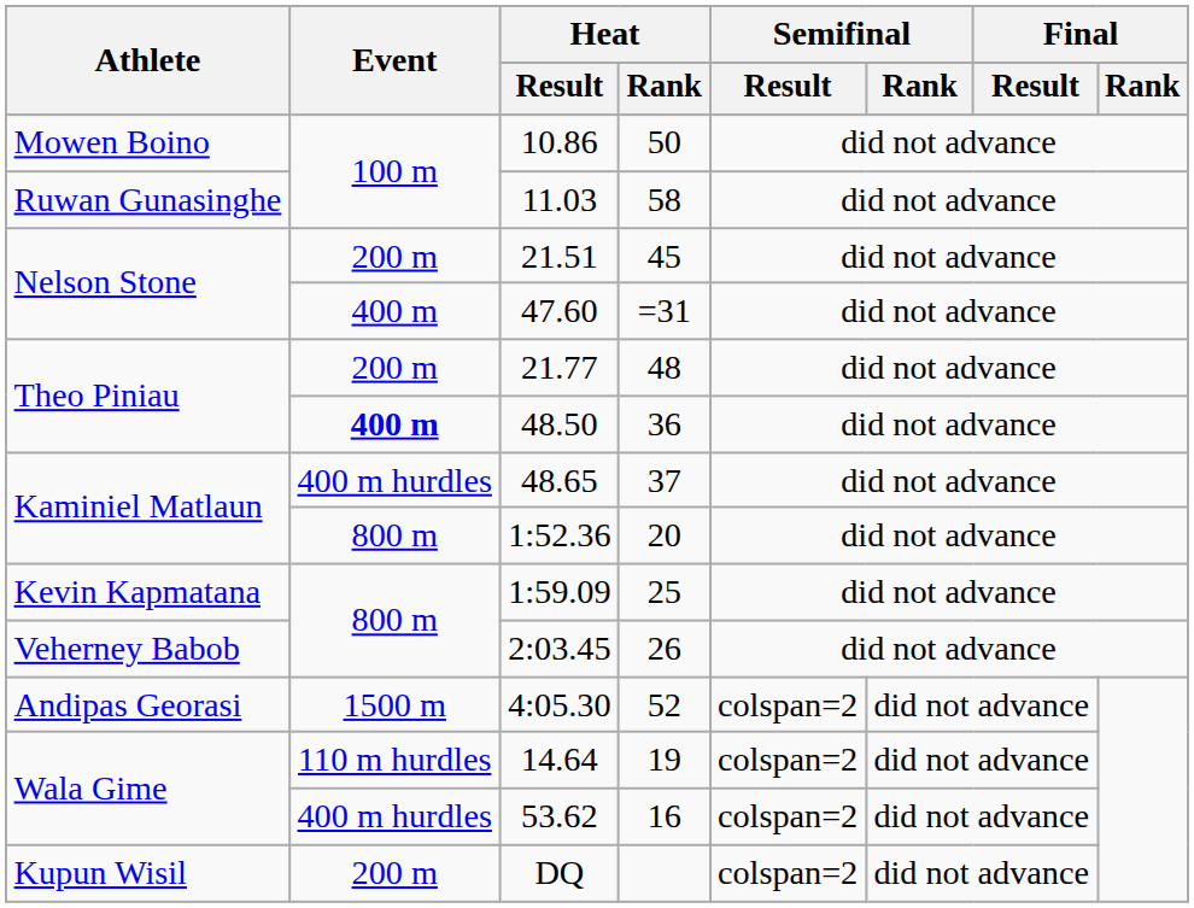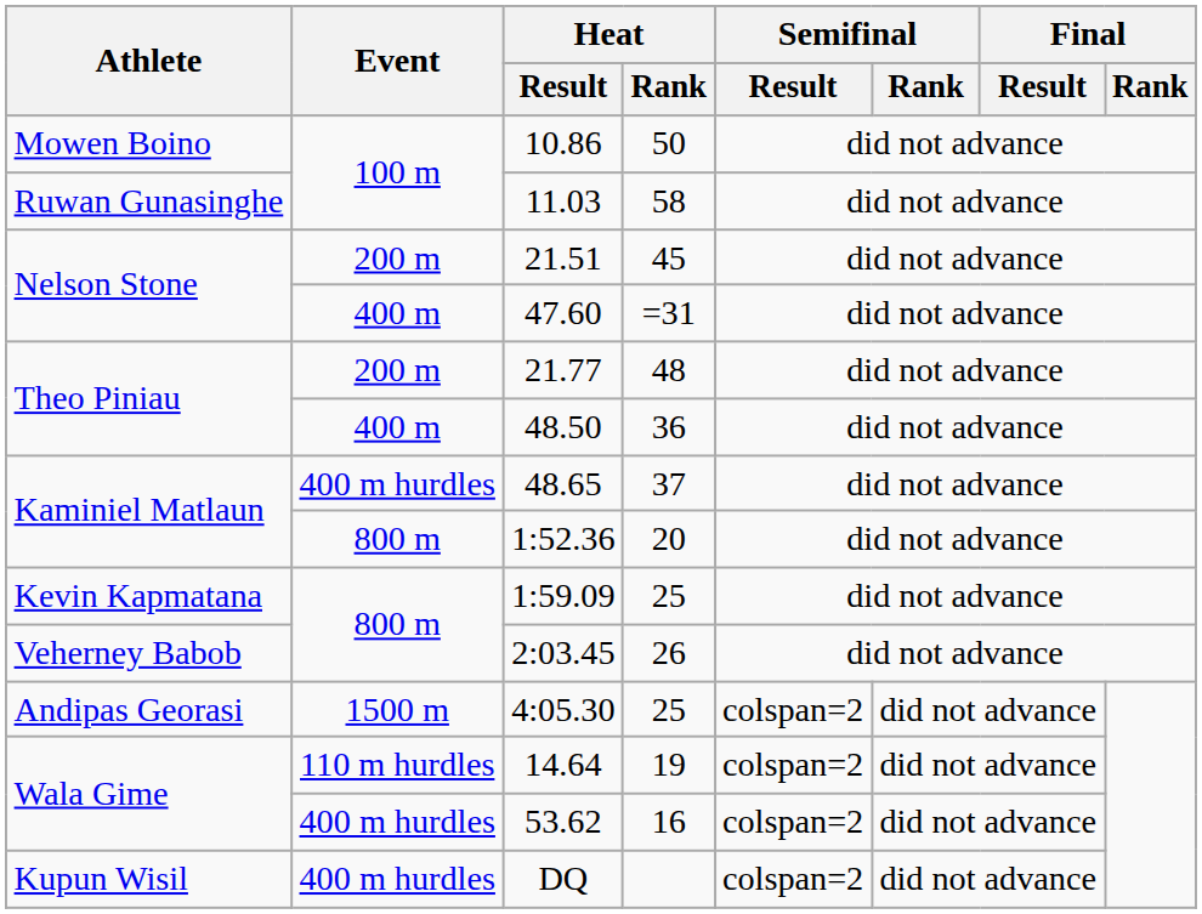 <table class="wikitable" style="font-size:90%">
 <tr>
 <th rowspan=2>Athlete</th>
 <th rowspan=2>Event</th>
 <th colspan=2>Heat</th>
 <th colspan=2>Semifinal</th>
 <th colspan=2>Final</th>
 </tr>
 <tr style="font-size:95%">
 <th>Result</th>
 <th>Rank</th>
 <th>Result</th>
 <th>Rank</th>
 <th>Result</th>
 <th>Rank</th>
 </tr>
 <tr align=center>
 <td align=left><a href='#'>Mowen Boino</a></td>
 <td rowspan=2><a href='#'>100 m</a></td>
 <td>10.86</td>
 <td>50</td>
 <td colspan=4>did not advance</td>
 </tr>
 <tr align=center>
 <td align=left><a href='#'>Ruwan Gunasinghe</a></td>
 <td>11.03</td>
 <td>58</td>
 <td colspan=4>did not advance</td>
 </tr>
 <tr align=center>
 <td rowspan=2 align=left><a href='#'>Nelson Stone</a></td>
 <td><a href='#'>200 m</a></td>
 <td>21.51</td>
 <td>45</td>
 <td colspan=4>did not advance</td>
 </tr>
 <tr align=center>
 <td><a href='#'>400 m</a></td>
 <td>47.60</td>
 <td>=31</td>
 <td colspan=4>did not advance</td>
 </tr>
 <tr align=center>
 <td rowspan=2 align=left><a href='#'>Theo Piniau</a></td>
 <td><a href='#'>200 m</a></td>
 <td>21.77</td>
 <td>48</td>
 <td colspan=4>did not advance</td>
 </tr>
 <tr align=center>
-<td><strong><a href='#'>400 m</a></strong></td>
+<td><a href='#'>400 m</a></td>
 <td>48.50</td>
 <td>36</td>
 <td colspan=4>did not advance</td>
 </tr>
 <tr align=center>
 <td rowspan=2 align=left><a href='#'>Kaminiel Matlaun</a></td>
 <td><a href='#'>400 m hurdles</a></td>
 <td>48.65</td>
 <td>37</td>
 <td colspan=4>did not advance</td>
 </tr>
 <tr align=center>
 <td><a href='#'>800 m</a></td>
 <td>1:52.36</td>
 <td>20</td>
 <td colspan=4>did not advance</td>
 </tr>
 <tr align=center>
 <td align=left><a href='#'>Kevin Kapmatana</a></td>
 <td rowspan=2><a href='#'>800 m</a></td>
 <td>1:59.09</td>
 <td>25</td>
 <td colspan=4>did not advance</td>
 </tr>
 <tr align=center>
 <td align=left><a href='#'>Veherney Babob</a></td>
 <td>2:03.45</td>
 <td>26</td>
 <td colspan=4>did not advance</td>
 </tr>
 <tr align=center>
 <td align=left><a href='#'>Andipas Georasi</a></td>
 <td><a href='#'>1500 m</a></td>
 <td>4:05.30</td>
-<td>52</td>
+<td>25</td>
 <td>colspan=2 </td>
 <td colspan=2>did not advance</td>
 </tr>
 <tr align=center>
 <td rowspan=2 align=left><a href='#'>Wala Gime</a></td>
 <td><a href='#'>110 m hurdles</a></td>
 <td>14.64</td>
 <td>19</td>
 <td>colspan=2 </td>
 <td colspan=2>did not advance</td>
 </tr>
 <tr align=center>
 <td><a href='#'>400 m hurdles</a></td>
 <td>53.62</td>
 <td>16</td>
 <td>colspan=2 </td>
 <td colspan=2>did not advance</td>
 </tr>
 <tr align=center>
 <td align=left><a href='#'>Kupun Wisil</a></td>
-<td><a href='#'>200 m</a></td>
+<td><a href='#'>400 m hurdles</a></td>
 <td>DQ</td>
 <td></td>
 <td>colspan=2 </td>
 <td colspan=2>did not advance</td>
 </tr>
 </table>
